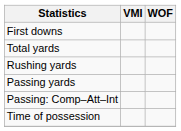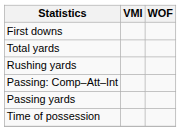 <table class="wikitable" style="float: left;">
 <tr>
 <th>Statistics</th>
 <th>VMI</th>
 <th>WOF</th>
 </tr>
 <tr>
 <td>First downs</td>
 <td></td>
 <td></td>
 </tr>
 <tr>
 <td>Total yards</td>
 <td></td>
 <td></td>
 </tr>
 <tr>
 <td>Rushing yards</td>
 <td></td>
 <td></td>
 </tr>
 <tr>
-<td>Passing yards</td>
+<td>Passing: Comp–Att–Int</td>
 <td></td>
 <td></td>
 </tr>
 <tr>
-<td>Passing: Comp–Att–Int</td>
+<td>Passing yards</td>
 <td></td>
 <td></td>
 </tr>
 <tr>
 <td>Time of possession</td>
 <td></td>
 <td></td>
 </tr>
 <tr>
 </tr>
 </table>
